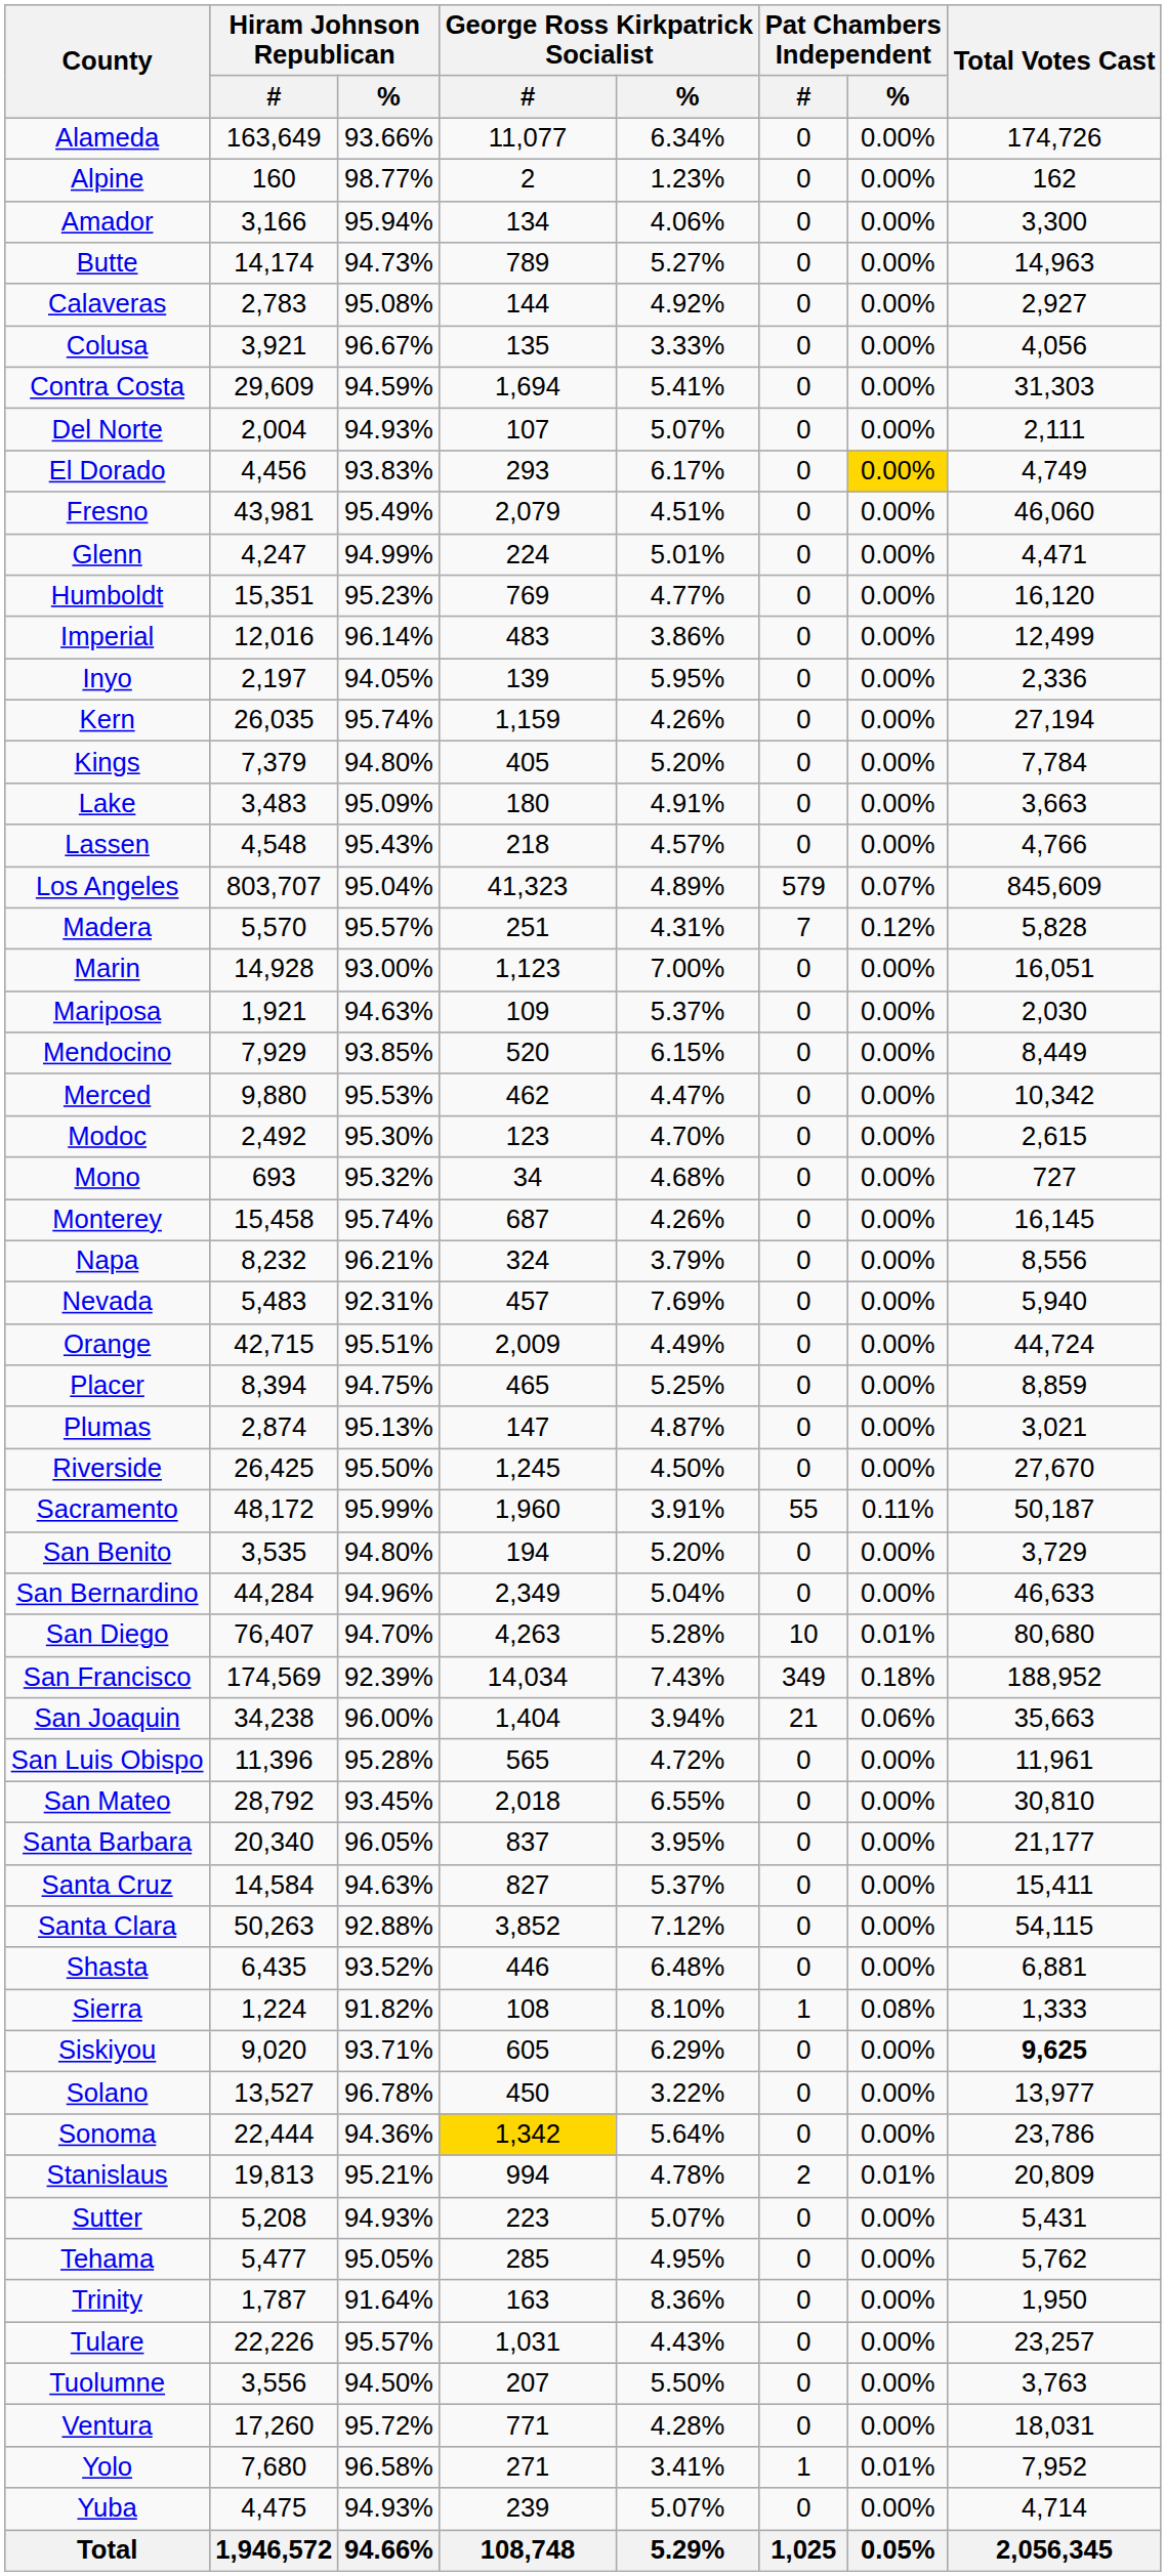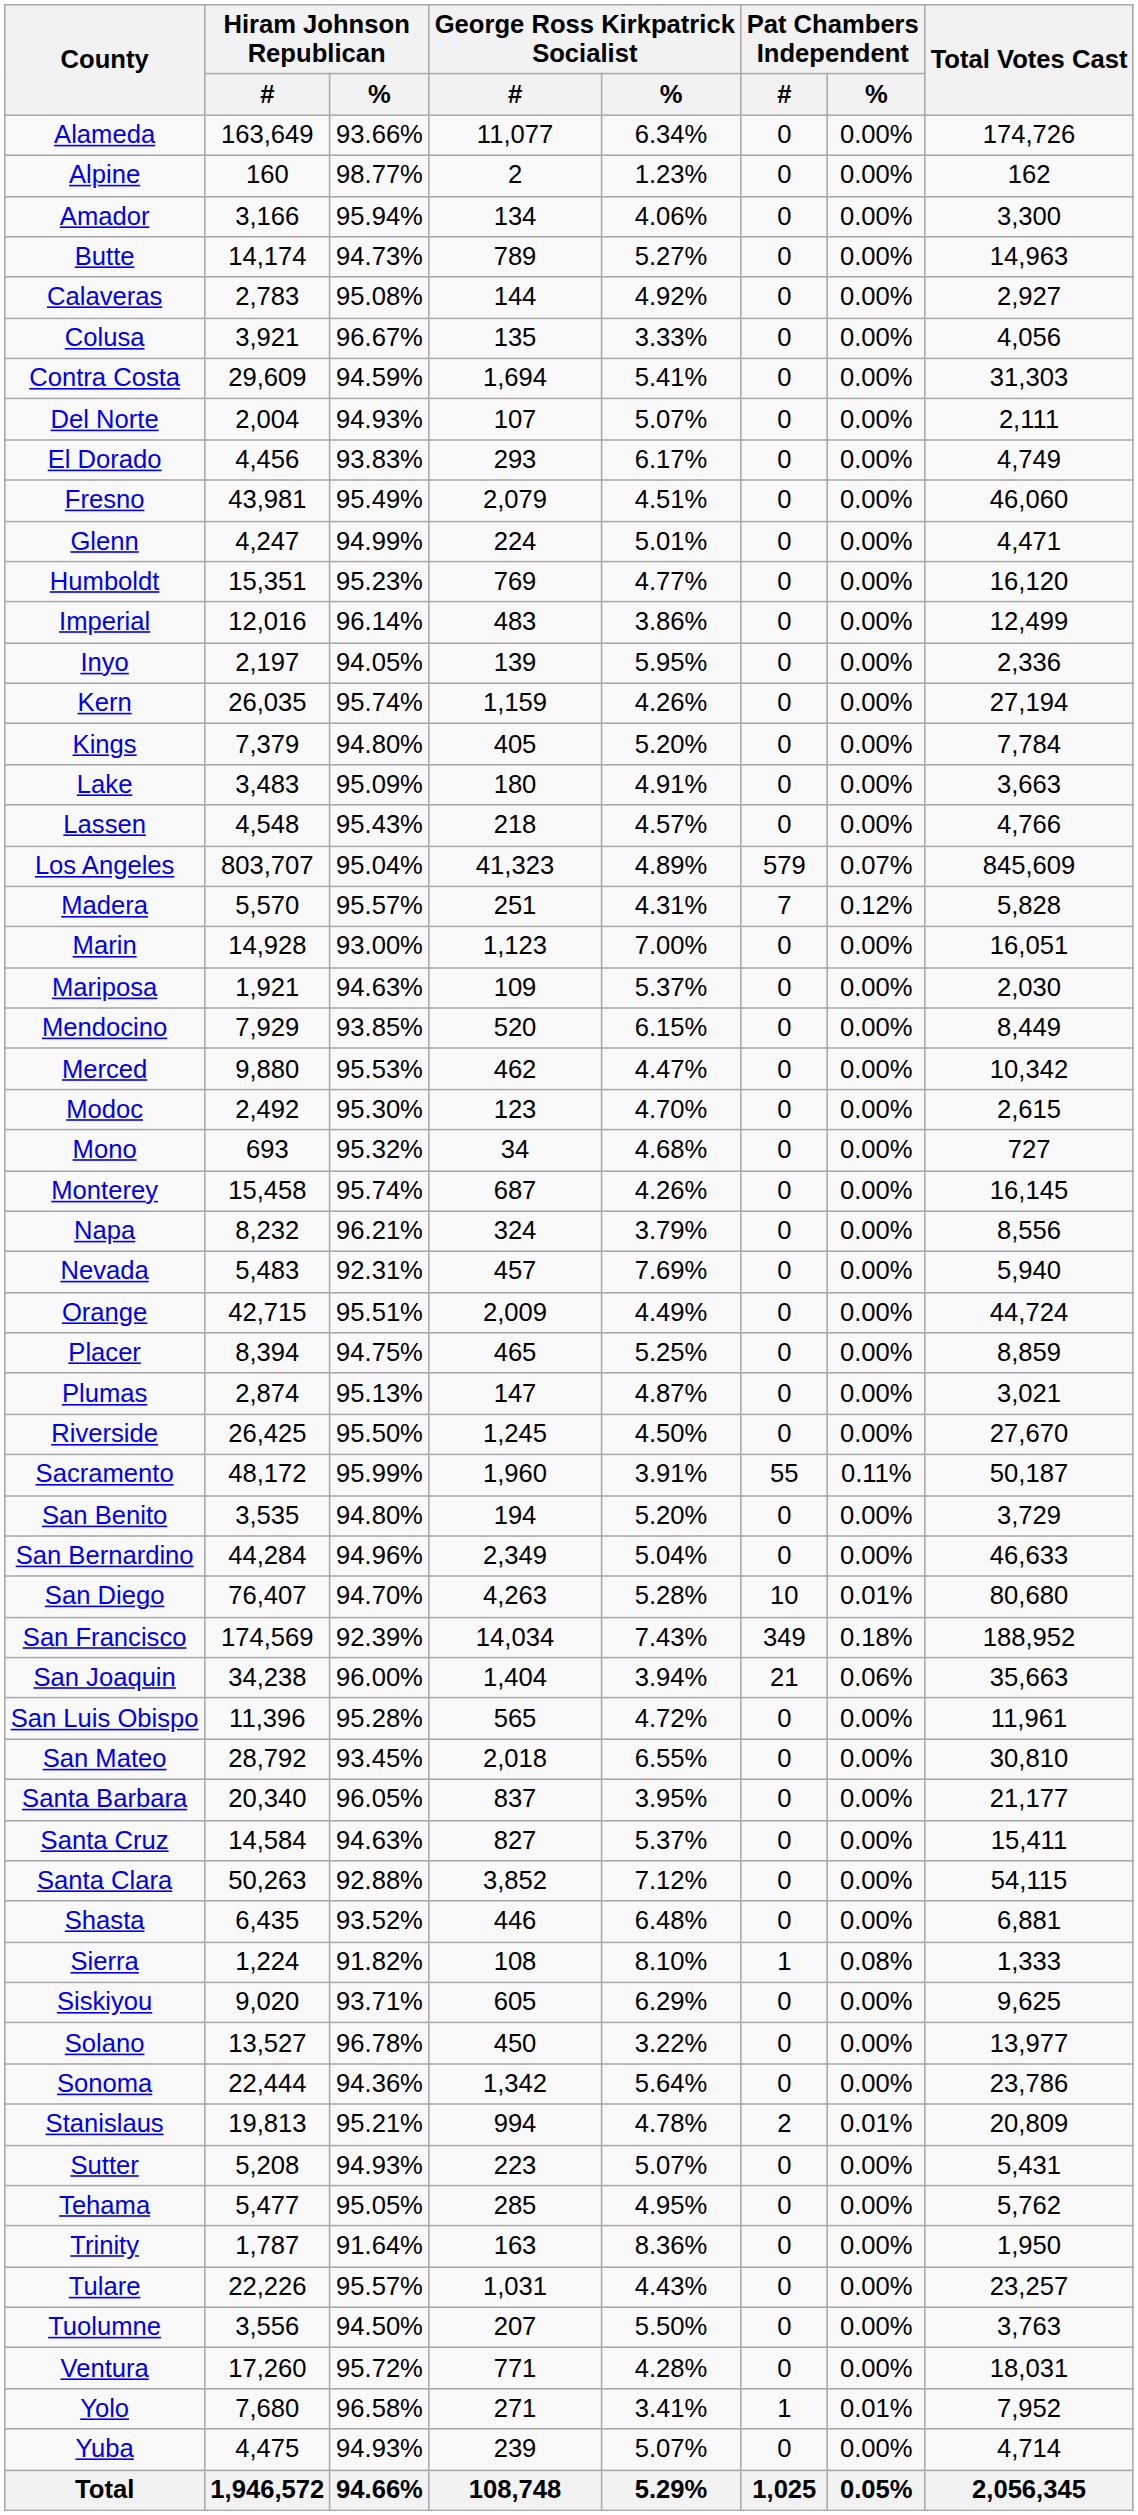 <table class="wikitable sortable">
 <tr>
 <th rowspan="2">County</th>
 <th colspan="2">Hiram Johnson<br>Republican</th>
 <th colspan="2">George Ross Kirkpatrick<br>Socialist</th>
 <th colspan="2">Pat Chambers<br>Independent</th>
 <th rowspan="2">Total Votes Cast</th>
 </tr>
 <tr style="text-align:center;">
 <th>#</th>
 <th>%</th>
 <th>#</th>
 <th>%</th>
 <th>#</th>
 <th>%</th>
 </tr>
 <tr style="text-align:center;">
 <td><a href='#'>Alameda</a></td>
 <td>163,649</td>
 <td>93.66%</td>
 <td>11,077</td>
 <td>6.34%</td>
 <td>0</td>
 <td>0.00%</td>
 <td>174,726</td>
 </tr>
 <tr style="text-align:center;">
 <td><a href='#'>Alpine</a></td>
 <td>160</td>
 <td>98.77%</td>
 <td>2</td>
 <td>1.23%</td>
 <td>0</td>
 <td>0.00%</td>
 <td>162</td>
 </tr>
 <tr style="text-align:center;">
 <td><a href='#'>Amador</a></td>
 <td>3,166</td>
 <td>95.94%</td>
 <td>134</td>
 <td>4.06%</td>
 <td>0</td>
 <td>0.00%</td>
 <td>3,300</td>
 </tr>
 <tr style="text-align:center;">
 <td><a href='#'>Butte</a></td>
 <td>14,174</td>
 <td>94.73%</td>
 <td>789</td>
 <td>5.27%</td>
 <td>0</td>
 <td>0.00%</td>
 <td>14,963</td>
 </tr>
 <tr style="text-align:center;">
 <td><a href='#'>Calaveras</a></td>
 <td>2,783</td>
 <td>95.08%</td>
 <td>144</td>
 <td>4.92%</td>
 <td>0</td>
 <td>0.00%</td>
 <td>2,927</td>
 </tr>
 <tr style="text-align:center;">
 <td><a href='#'>Colusa</a></td>
 <td>3,921</td>
 <td>96.67%</td>
 <td>135</td>
 <td>3.33%</td>
 <td>0</td>
 <td>0.00%</td>
 <td>4,056</td>
 </tr>
 <tr style="text-align:center;">
 <td><a href='#'>Contra Costa</a></td>
 <td>29,609</td>
 <td>94.59%</td>
 <td>1,694</td>
 <td>5.41%</td>
 <td>0</td>
 <td>0.00%</td>
 <td>31,303</td>
 </tr>
 <tr style="text-align:center;">
 <td><a href='#'>Del Norte</a></td>
 <td>2,004</td>
 <td>94.93%</td>
 <td>107</td>
 <td>5.07%</td>
 <td>0</td>
 <td>0.00%</td>
 <td>2,111</td>
 </tr>
 <tr style="text-align:center;">
 <td><a href='#'>El Dorado</a></td>
 <td>4,456</td>
 <td>93.83%</td>
 <td>293</td>
 <td>6.17%</td>
 <td>0</td>
-<td style="background: gold;">0.00%</td>
+<td>0.00%</td>
 <td>4,749</td>
 </tr>
 <tr style="text-align:center;">
 <td><a href='#'>Fresno</a></td>
 <td>43,981</td>
 <td>95.49%</td>
 <td>2,079</td>
 <td>4.51%</td>
 <td>0</td>
 <td>0.00%</td>
 <td>46,060</td>
 </tr>
 <tr style="text-align:center;">
 <td><a href='#'>Glenn</a></td>
 <td>4,247</td>
 <td>94.99%</td>
 <td>224</td>
 <td>5.01%</td>
 <td>0</td>
 <td>0.00%</td>
 <td>4,471</td>
 </tr>
 <tr style="text-align:center;">
 <td><a href='#'>Humboldt</a></td>
 <td>15,351</td>
 <td>95.23%</td>
 <td>769</td>
 <td>4.77%</td>
 <td>0</td>
 <td>0.00%</td>
 <td>16,120</td>
 </tr>
 <tr style="text-align:center;">
 <td><a href='#'>Imperial</a></td>
 <td>12,016</td>
 <td>96.14%</td>
 <td>483</td>
 <td>3.86%</td>
 <td>0</td>
 <td>0.00%</td>
 <td>12,499</td>
 </tr>
 <tr style="text-align:center;">
 <td><a href='#'>Inyo</a></td>
 <td>2,197</td>
 <td>94.05%</td>
 <td>139</td>
 <td>5.95%</td>
 <td>0</td>
 <td>0.00%</td>
 <td>2,336</td>
 </tr>
 <tr style="text-align:center;">
 <td><a href='#'>Kern</a></td>
 <td>26,035</td>
 <td>95.74%</td>
 <td>1,159</td>
 <td>4.26%</td>
 <td>0</td>
 <td>0.00%</td>
 <td>27,194</td>
 </tr>
 <tr style="text-align:center;">
 <td><a href='#'>Kings</a></td>
 <td>7,379</td>
 <td>94.80%</td>
 <td>405</td>
 <td>5.20%</td>
 <td>0</td>
 <td>0.00%</td>
 <td>7,784</td>
 </tr>
 <tr style="text-align:center;">
 <td><a href='#'>Lake</a></td>
 <td>3,483</td>
 <td>95.09%</td>
 <td>180</td>
 <td>4.91%</td>
 <td>0</td>
 <td>0.00%</td>
 <td>3,663</td>
 </tr>
 <tr style="text-align:center;">
 <td><a href='#'>Lassen</a></td>
 <td>4,548</td>
 <td>95.43%</td>
 <td>218</td>
 <td>4.57%</td>
 <td>0</td>
 <td>0.00%</td>
 <td>4,766</td>
 </tr>
 <tr style="text-align:center;">
 <td><a href='#'>Los Angeles</a></td>
 <td>803,707</td>
 <td>95.04%</td>
 <td>41,323</td>
 <td>4.89%</td>
 <td>579</td>
 <td>0.07%</td>
 <td>845,609</td>
 </tr>
 <tr style="text-align:center;">
 <td><a href='#'>Madera</a></td>
 <td>5,570</td>
 <td>95.57%</td>
 <td>251</td>
 <td>4.31%</td>
 <td>7</td>
 <td>0.12%</td>
 <td>5,828</td>
 </tr>
 <tr style="text-align:center;">
 <td><a href='#'>Marin</a></td>
 <td>14,928</td>
 <td>93.00%</td>
 <td>1,123</td>
 <td>7.00%</td>
 <td>0</td>
 <td>0.00%</td>
 <td>16,051</td>
 </tr>
 <tr style="text-align:center;">
 <td><a href='#'>Mariposa</a></td>
 <td>1,921</td>
 <td>94.63%</td>
 <td>109</td>
 <td>5.37%</td>
 <td>0</td>
 <td>0.00%</td>
 <td>2,030</td>
 </tr>
 <tr style="text-align:center;">
 <td><a href='#'>Mendocino</a></td>
 <td>7,929</td>
 <td>93.85%</td>
 <td>520</td>
 <td>6.15%</td>
 <td>0</td>
 <td>0.00%</td>
 <td>8,449</td>
 </tr>
 <tr style="text-align:center;">
 <td><a href='#'>Merced</a></td>
 <td>9,880</td>
 <td>95.53%</td>
 <td>462</td>
 <td>4.47%</td>
 <td>0</td>
 <td>0.00%</td>
 <td>10,342</td>
 </tr>
 <tr style="text-align:center;">
 <td><a href='#'>Modoc</a></td>
 <td>2,492</td>
 <td>95.30%</td>
 <td>123</td>
 <td>4.70%</td>
 <td>0</td>
 <td>0.00%</td>
 <td>2,615</td>
 </tr>
 <tr style="text-align:center;">
 <td><a href='#'>Mono</a></td>
 <td>693</td>
 <td>95.32%</td>
 <td>34</td>
 <td>4.68%</td>
 <td>0</td>
 <td>0.00%</td>
 <td>727</td>
 </tr>
 <tr style="text-align:center;">
 <td><a href='#'>Monterey</a></td>
 <td>15,458</td>
 <td>95.74%</td>
 <td>687</td>
 <td>4.26%</td>
 <td>0</td>
 <td>0.00%</td>
 <td>16,145</td>
 </tr>
 <tr style="text-align:center;">
 <td><a href='#'>Napa</a></td>
 <td>8,232</td>
 <td>96.21%</td>
 <td>324</td>
 <td>3.79%</td>
 <td>0</td>
 <td>0.00%</td>
 <td>8,556</td>
 </tr>
 <tr style="text-align:center;">
 <td><a href='#'>Nevada</a></td>
 <td>5,483</td>
 <td>92.31%</td>
 <td>457</td>
 <td>7.69%</td>
 <td>0</td>
 <td>0.00%</td>
 <td>5,940</td>
 </tr>
 <tr style="text-align:center;">
 <td><a href='#'>Orange</a></td>
 <td>42,715</td>
 <td>95.51%</td>
 <td>2,009</td>
 <td>4.49%</td>
 <td>0</td>
 <td>0.00%</td>
 <td>44,724</td>
 </tr>
 <tr style="text-align:center;">
 <td><a href='#'>Placer</a></td>
 <td>8,394</td>
 <td>94.75%</td>
 <td>465</td>
 <td>5.25%</td>
 <td>0</td>
 <td>0.00%</td>
 <td>8,859</td>
 </tr>
 <tr style="text-align:center;">
 <td><a href='#'>Plumas</a></td>
 <td>2,874</td>
 <td>95.13%</td>
 <td>147</td>
 <td>4.87%</td>
 <td>0</td>
 <td>0.00%</td>
 <td>3,021</td>
 </tr>
 <tr style="text-align:center;">
 <td><a href='#'>Riverside</a></td>
 <td>26,425</td>
 <td>95.50%</td>
 <td>1,245</td>
 <td>4.50%</td>
 <td>0</td>
 <td>0.00%</td>
 <td>27,670</td>
 </tr>
 <tr style="text-align:center;">
 <td><a href='#'>Sacramento</a></td>
 <td>48,172</td>
 <td>95.99%</td>
 <td>1,960</td>
 <td>3.91%</td>
 <td>55</td>
 <td>0.11%</td>
 <td>50,187</td>
 </tr>
 <tr style="text-align:center;">
 <td><a href='#'>San Benito</a></td>
 <td>3,535</td>
 <td>94.80%</td>
 <td>194</td>
 <td>5.20%</td>
 <td>0</td>
 <td>0.00%</td>
 <td>3,729</td>
 </tr>
 <tr style="text-align:center;">
 <td><a href='#'>San Bernardino</a></td>
 <td>44,284</td>
 <td>94.96%</td>
 <td>2,349</td>
 <td>5.04%</td>
 <td>0</td>
 <td>0.00%</td>
 <td>46,633</td>
 </tr>
 <tr style="text-align:center;">
 <td><a href='#'>San Diego</a></td>
 <td>76,407</td>
 <td>94.70%</td>
 <td>4,263</td>
 <td>5.28%</td>
 <td>10</td>
 <td>0.01%</td>
 <td>80,680</td>
 </tr>
 <tr style="text-align:center;">
 <td><a href='#'>San Francisco</a></td>
 <td>174,569</td>
 <td>92.39%</td>
 <td>14,034</td>
 <td>7.43%</td>
 <td>349</td>
 <td>0.18%</td>
 <td>188,952</td>
 </tr>
 <tr style="text-align:center;">
 <td><a href='#'>San Joaquin</a></td>
 <td>34,238</td>
 <td>96.00%</td>
 <td>1,404</td>
 <td>3.94%</td>
 <td>21</td>
 <td>0.06%</td>
 <td>35,663</td>
 </tr>
 <tr style="text-align:center;">
 <td><a href='#'>San Luis Obispo</a></td>
 <td>11,396</td>
 <td>95.28%</td>
 <td>565</td>
 <td>4.72%</td>
 <td>0</td>
 <td>0.00%</td>
 <td>11,961</td>
 </tr>
 <tr style="text-align:center;">
 <td><a href='#'>San Mateo</a></td>
 <td>28,792</td>
 <td>93.45%</td>
 <td>2,018</td>
 <td>6.55%</td>
 <td>0</td>
 <td>0.00%</td>
 <td>30,810</td>
 </tr>
 <tr style="text-align:center;">
 <td><a href='#'>Santa Barbara</a></td>
 <td>20,340</td>
 <td>96.05%</td>
 <td>837</td>
 <td>3.95%</td>
 <td>0</td>
 <td>0.00%</td>
 <td>21,177</td>
 </tr>
 <tr style="text-align:center;">
 <td><a href='#'>Santa Cruz</a></td>
 <td>14,584</td>
 <td>94.63%</td>
 <td>827</td>
 <td>5.37%</td>
 <td>0</td>
 <td>0.00%</td>
 <td>15,411</td>
 </tr>
 <tr style="text-align:center;">
 <td><a href='#'>Santa Clara</a></td>
 <td>50,263</td>
 <td>92.88%</td>
 <td>3,852</td>
 <td>7.12%</td>
 <td>0</td>
 <td>0.00%</td>
 <td>54,115</td>
 </tr>
 <tr style="text-align:center;">
 <td><a href='#'>Shasta</a></td>
 <td>6,435</td>
 <td>93.52%</td>
 <td>446</td>
 <td>6.48%</td>
 <td>0</td>
 <td>0.00%</td>
 <td>6,881</td>
 </tr>
 <tr style="text-align:center;">
 <td><a href='#'>Sierra</a></td>
 <td>1,224</td>
 <td>91.82%</td>
 <td>108</td>
 <td>8.10%</td>
 <td>1</td>
 <td>0.08%</td>
 <td>1,333</td>
 </tr>
 <tr style="text-align:center;">
 <td><a href='#'>Siskiyou</a></td>
 <td>9,020</td>
 <td>93.71%</td>
 <td>605</td>
 <td>6.29%</td>
 <td>0</td>
 <td>0.00%</td>
-<td><strong>9,625</strong></td>
+<td>9,625</td>
 </tr>
 <tr style="text-align:center;">
 <td><a href='#'>Solano</a></td>
 <td>13,527</td>
 <td>96.78%</td>
 <td>450</td>
 <td>3.22%</td>
 <td>0</td>
 <td>0.00%</td>
 <td>13,977</td>
 </tr>
 <tr style="text-align:center;">
 <td><a href='#'>Sonoma</a></td>
 <td>22,444</td>
 <td>94.36%</td>
-<td style="background: gold;">1,342</td>
+<td>1,342</td>
 <td>5.64%</td>
 <td>0</td>
 <td>0.00%</td>
 <td>23,786</td>
 </tr>
 <tr style="text-align:center;">
 <td><a href='#'>Stanislaus</a></td>
 <td>19,813</td>
 <td>95.21%</td>
 <td>994</td>
 <td>4.78%</td>
 <td>2</td>
 <td>0.01%</td>
 <td>20,809</td>
 </tr>
 <tr style="text-align:center;">
 <td><a href='#'>Sutter</a></td>
 <td>5,208</td>
 <td>94.93%</td>
 <td>223</td>
 <td>5.07%</td>
 <td>0</td>
 <td>0.00%</td>
 <td>5,431</td>
 </tr>
 <tr style="text-align:center;">
 <td><a href='#'>Tehama</a></td>
 <td>5,477</td>
 <td>95.05%</td>
 <td>285</td>
 <td>4.95%</td>
 <td>0</td>
 <td>0.00%</td>
 <td>5,762</td>
 </tr>
 <tr style="text-align:center;">
 <td><a href='#'>Trinity</a></td>
 <td>1,787</td>
 <td>91.64%</td>
 <td>163</td>
 <td>8.36%</td>
 <td>0</td>
 <td>0.00%</td>
 <td>1,950</td>
 </tr>
 <tr style="text-align:center;">
 <td><a href='#'>Tulare</a></td>
 <td>22,226</td>
 <td>95.57%</td>
 <td>1,031</td>
 <td>4.43%</td>
 <td>0</td>
 <td>0.00%</td>
 <td>23,257</td>
 </tr>
 <tr style="text-align:center;">
 <td><a href='#'>Tuolumne</a></td>
 <td>3,556</td>
 <td>94.50%</td>
 <td>207</td>
 <td>5.50%</td>
 <td>0</td>
 <td>0.00%</td>
 <td>3,763</td>
 </tr>
 <tr style="text-align:center;">
 <td><a href='#'>Ventura</a></td>
 <td>17,260</td>
 <td>95.72%</td>
 <td>771</td>
 <td>4.28%</td>
 <td>0</td>
 <td>0.00%</td>
 <td>18,031</td>
 </tr>
 <tr style="text-align:center;">
 <td><a href='#'>Yolo</a></td>
 <td>7,680</td>
 <td>96.58%</td>
 <td>271</td>
 <td>3.41%</td>
 <td>1</td>
 <td>0.01%</td>
 <td>7,952</td>
 </tr>
 <tr style="text-align:center;">
 <td><a href='#'>Yuba</a></td>
 <td>4,475</td>
 <td>94.93%</td>
 <td>239</td>
 <td>5.07%</td>
 <td>0</td>
 <td>0.00%</td>
 <td>4,714</td>
 </tr>
 <tr style="text-align:center;">
 <th>Total</th>
 <th>1,946,572</th>
 <th>94.66%</th>
 <th>108,748</th>
 <th>5.29%</th>
 <th>1,025</th>
 <th>0.05%</th>
 <th>2,056,345</th>
 </tr>
 </table>
